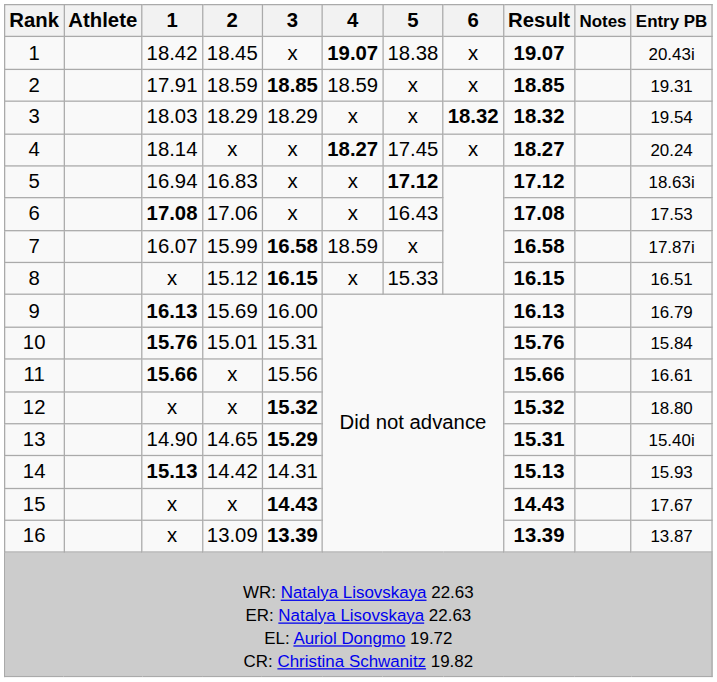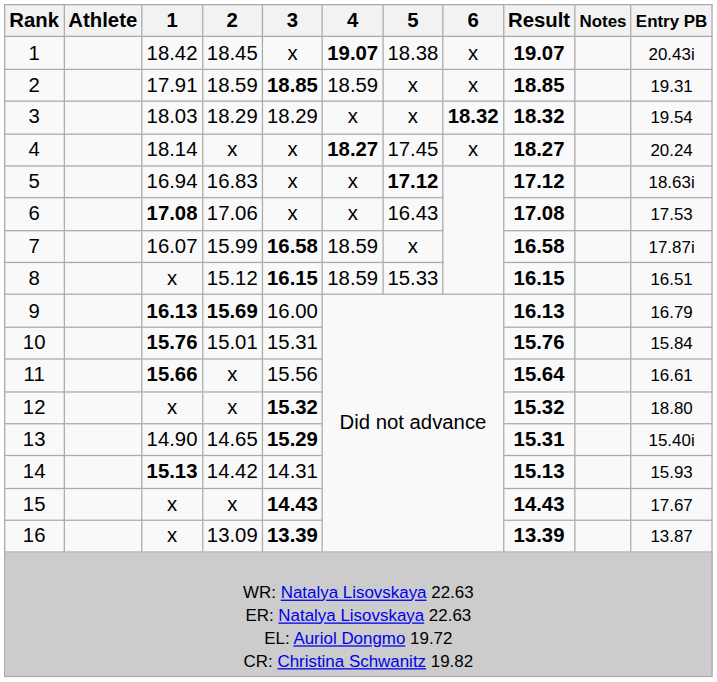 <table class="wikitable sortable" style="text-align:center;">
 <tr>
 <th>Rank</th>
 <th>Athlete</th>
 <th>1</th>
 <th>2</th>
 <th>3</th>
 <th>4</th>
 <th>5</th>
 <th>6</th>
 <th>Result</th>
 <th><small>Notes</small></th>
 <th><small>Entry PB</small></th>
 </tr>
 <tr>
 <td>1</td>
 <td align=left></td>
 <td>18.42</td>
 <td>18.45</td>
 <td>x</td>
 <td><strong>19.07</strong></td>
 <td>18.38</td>
 <td>x</td>
 <td><strong>19.07</strong></td>
 <td></td>
 <td><small>20.43i</small></td>
 </tr>
 <tr>
 <td>2</td>
 <td align=left></td>
 <td>17.91</td>
 <td>18.59</td>
 <td><strong>18.85</strong></td>
 <td>18.59</td>
 <td>x</td>
 <td>x</td>
 <td><strong>18.85</strong></td>
 <td></td>
 <td><small>19.31</small></td>
 </tr>
 <tr>
 <td>3</td>
 <td align=left></td>
 <td>18.03</td>
 <td>18.29</td>
 <td>18.29</td>
 <td>x</td>
 <td>x</td>
 <td><strong>18.32</strong></td>
 <td><strong>18.32</strong></td>
 <td></td>
 <td><small>19.54</small></td>
 </tr>
 <tr>
 <td>4</td>
 <td align=left></td>
 <td>18.14</td>
 <td>x</td>
 <td>x</td>
 <td><strong>18.27</strong></td>
 <td>17.45</td>
 <td>x</td>
 <td><strong>18.27</strong></td>
 <td></td>
 <td><small>20.24</small></td>
 </tr>
 <tr>
 <td>5</td>
 <td align=left></td>
 <td>16.94</td>
 <td>16.83</td>
 <td>x</td>
 <td>x</td>
 <td><strong>17.12</strong></td>
 <td rowspan=4></td>
 <td><strong>17.12</strong></td>
 <td></td>
 <td><small>18.63i</small></td>
 </tr>
 <tr>
 <td>6</td>
 <td align=left></td>
 <td><strong>17.08</strong></td>
 <td>17.06</td>
 <td>x</td>
 <td>x</td>
 <td>16.43</td>
 <td><strong>17.08</strong></td>
 <td></td>
 <td><small>17.53</small></td>
 </tr>
 <tr>
 <td>7</td>
 <td align=left></td>
 <td>16.07</td>
 <td>15.99</td>
 <td><strong>16.58</strong></td>
 <td>18.59</td>
 <td>x</td>
 <td><strong>16.58</strong></td>
 <td></td>
 <td><small>17.87i</small></td>
 </tr>
 <tr>
 <td>8</td>
 <td align=left></td>
 <td>x</td>
 <td>15.12</td>
 <td><strong>16.15</strong></td>
-<td>x</td>
+<td>18.59</td>
 <td>15.33</td>
 <td><strong>16.15</strong></td>
 <td></td>
 <td><small>16.51</small></td>
 </tr>
 <tr>
 <td>9</td>
 <td align=left></td>
 <td><strong>16.13</strong></td>
-<td>15.69</td>
+<td><strong>15.69</strong></td>
 <td>16.00</td>
 <td rowspan=8 colspan=3>Did not advance</td>
 <td><strong>16.13</strong></td>
 <td></td>
 <td><small>16.79</small></td>
 </tr>
 <tr>
 <td>10</td>
 <td align=left></td>
 <td><strong>15.76</strong></td>
 <td>15.01</td>
 <td>15.31</td>
 <td><strong>15.76</strong></td>
 <td></td>
 <td><small>15.84</small></td>
 </tr>
 <tr>
 <td>11</td>
 <td align=left></td>
 <td><strong>15.66</strong></td>
 <td>x</td>
 <td>15.56</td>
-<td><strong>15.66</strong></td>
+<td><strong>15.64</strong></td>
 <td></td>
 <td><small>16.61</small></td>
 </tr>
 <tr>
 <td>12</td>
 <td align=left></td>
 <td>x</td>
 <td>x</td>
 <td><strong>15.32</strong></td>
 <td><strong>15.32</strong></td>
 <td></td>
 <td><small>18.80</small></td>
 </tr>
 <tr>
 <td>13</td>
 <td align=left></td>
 <td>14.90</td>
 <td>14.65</td>
 <td><strong>15.29</strong></td>
 <td><strong>15.31</strong></td>
 <td></td>
 <td><small>15.40i</small></td>
 </tr>
 <tr>
 <td>14</td>
 <td align=left></td>
 <td><strong>15.13</strong></td>
 <td>14.42</td>
 <td>14.31</td>
 <td><strong>15.13</strong></td>
 <td></td>
 <td><small>15.93</small></td>
 </tr>
 <tr>
 <td>15</td>
 <td align=left></td>
 <td>x</td>
 <td>x</td>
 <td><strong>14.43</strong></td>
 <td><strong>14.43</strong></td>
 <td></td>
 <td><small>17.67</small></td>
 </tr>
 <tr>
 <td>16</td>
 <td align=left></td>
 <td>x</td>
 <td>13.09</td>
 <td><strong>13.39</strong></td>
 <td><strong>13.39</strong></td>
 <td></td>
 <td><small>13.87</small></td>
 </tr>
 <tr class="sortbottom">
 <td colspan="11" bgcolor="#cccccc"><br> <small>WR:  <a href='#'>Natalya Lisovskaya</a> 22.63<br>ER:  <a href='#'>Natalya Lisovskaya</a> 22.63<br></small> <small>EL:   <a href='#'>Auriol Dongmo</a> 19.72<br>CR:  <a href='#'>Christina Schwanitz</a> 19.82</small></td>
 </tr>
 </table>
